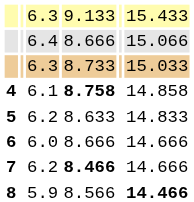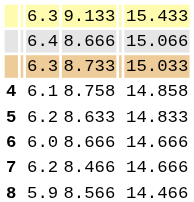 <table>
 <tr style="background: #fffcaf">
 <th scope=row></th>
 <td align=left></td>
 <td>6.3</td>
 <td>9.133</td>
 <td></td>
 <td>15.433</td>
 </tr>
 <tr style="background: #e5e5e5">
 <th scope=row></th>
 <td align=left></td>
 <td>6.4</td>
 <td>8.666</td>
 <td></td>
 <td>15.066</td>
 </tr>
 <tr style="background:#ec9">
 <th scope=row></th>
 <td align=left></td>
 <td>6.3</td>
 <td>8.733</td>
 <td></td>
 <td>15.033</td>
 </tr>
 <tr>
 <th scope=row>4</th>
 <td align=left></td>
 <td>6.1</td>
-<td><strong>8.758</strong></td>
+<td>8.758</td>
 <td></td>
 <td>14.858</td>
 </tr>
 <tr>
 <th scope=row>5</th>
 <td align=left></td>
 <td>6.2</td>
 <td>8.633</td>
 <td></td>
 <td>14.833</td>
 </tr>
 <tr>
 <th scope=row>6</th>
 <td align=left></td>
 <td>6.0</td>
 <td>8.666</td>
 <td></td>
 <td>14.666</td>
 </tr>
 <tr>
 <th scope=row>7</th>
 <td align=left></td>
 <td>6.2</td>
-<td><strong>8.466</strong></td>
+<td>8.466</td>
 <td></td>
 <td>14.666</td>
 </tr>
 <tr>
 <th scope=row>8</th>
 <td align=left></td>
 <td>5.9</td>
 <td>8.566</td>
 <td></td>
-<td><strong>14.466</strong></td>
+<td>14.466</td>
 </tr>
 </table>
